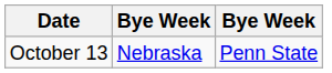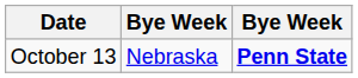 <table class="wikitable" style="font-size:95%;">
 <tr>
 <th>Date</th>
 <th>Bye Week</th>
 <th>Bye Week</th>
 </tr>
 <tr>
 <td>October 13</td>
 <td><a href='#'>Nebraska</a></td>
-<td><a href='#'>Penn State</a></td>
+<td><strong><a href='#'>Penn State</a></strong></td>
 </tr>
 </table>
